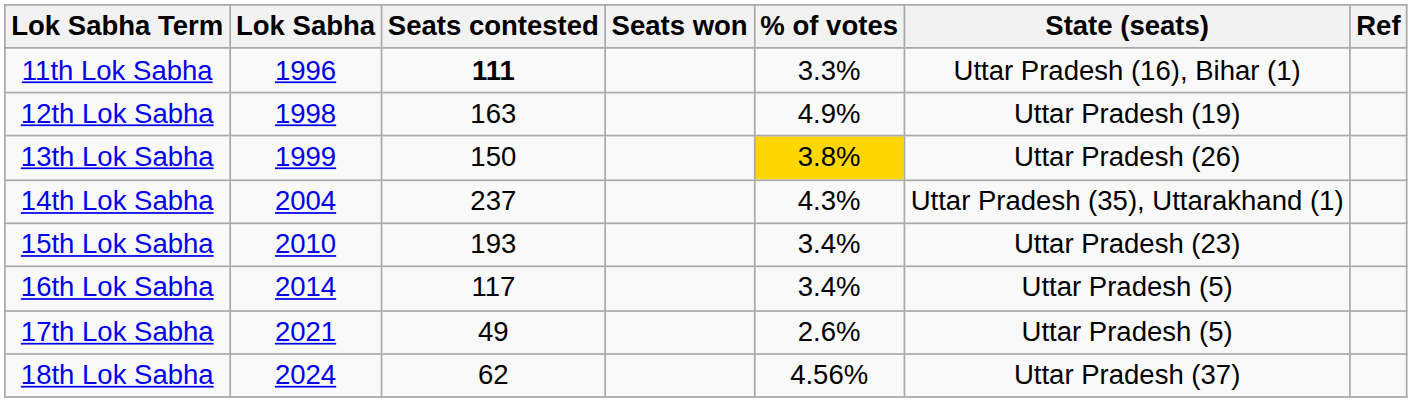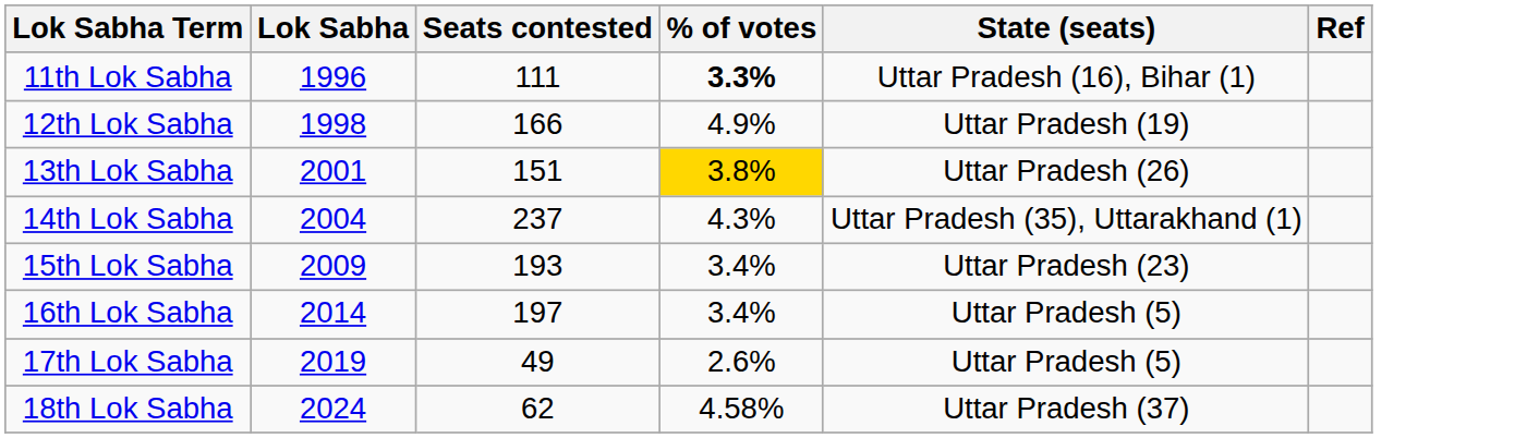 <table class="wikitable sortable" style="text-align:center;">
 <tr>
 <th style="background-color:">Lok Sabha Term</th>
 <th style="background-color:">Lok Sabha</th>
 <th style="background-color:">Seats contested</th>
-<th style="background-color:">Seats won</th>
 <th style="background-color:">% of votes</th>
 <th style="background-color:">State (seats)</th>
 <th style="background-color:">Ref</th>
 </tr>
 <tr>
 <td><a href='#'>11th Lok Sabha</a></td>
 <td><a href='#'>1996</a></td>
-<td><strong>111</strong></td>
-<td></td>
-<td>3.3%</td>
+<td>111</td>
+<td><strong>3.3%</strong></td>
 <td>Uttar Pradesh (16), Bihar (1)</td>
 <td></td>
 </tr>
 <tr>
 <td><a href='#'>12th Lok Sabha</a></td>
 <td><a href='#'>1998</a></td>
-<td>163</td>
-<td></td>
+<td>166</td>
 <td>4.9%</td>
 <td>Uttar Pradesh (19)</td>
 <td></td>
 </tr>
 <tr>
 <td><a href='#'>13th Lok Sabha</a></td>
-<td><a href='#'>1999</a></td>
-<td>150</td>
-<td></td>
+<td><a href='#'>2001</a></td>
+<td>151</td>
 <td style="background: gold;">3.8%</td>
 <td>Uttar Pradesh (26)</td>
 <td></td>
 </tr>
 <tr>
 <td><a href='#'>14th Lok Sabha</a></td>
 <td><a href='#'>2004</a></td>
 <td>237</td>
-<td></td>
 <td>4.3%</td>
 <td>Uttar Pradesh (35), Uttarakhand (1)</td>
 <td></td>
 </tr>
 <tr>
 <td><a href='#'>15th Lok Sabha</a></td>
-<td><a href='#'>2010</a></td>
+<td><a href='#'>2009</a></td>
 <td>193</td>
-<td></td>
 <td>3.4%</td>
 <td>Uttar Pradesh (23)</td>
 <td></td>
 </tr>
 <tr>
 <td><a href='#'>16th Lok Sabha</a></td>
 <td><a href='#'>2014</a></td>
-<td>117</td>
-<td></td>
+<td>197</td>
 <td>3.4%</td>
 <td>Uttar Pradesh (5)</td>
 <td></td>
 </tr>
 <tr>
 <td><a href='#'>17th Lok Sabha</a></td>
-<td><a href='#'>2021</a></td>
+<td><a href='#'>2019</a></td>
 <td>49</td>
-<td></td>
 <td>2.6%</td>
 <td>Uttar Pradesh (5)</td>
 <td></td>
 </tr>
 <tr>
 <td><a href='#'>18th Lok Sabha</a></td>
 <td><a href='#'>2024</a></td>
 <td>62</td>
-<td></td>
-<td>4.56%</td>
+<td>4.58%</td>
 <td>Uttar Pradesh (37)</td>
 <td></td>
 </tr>
 </table>
